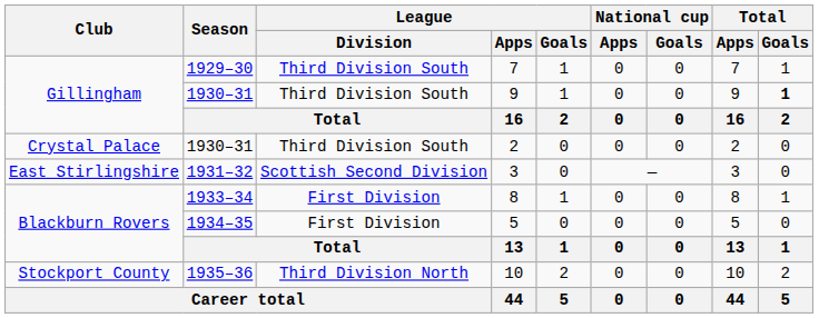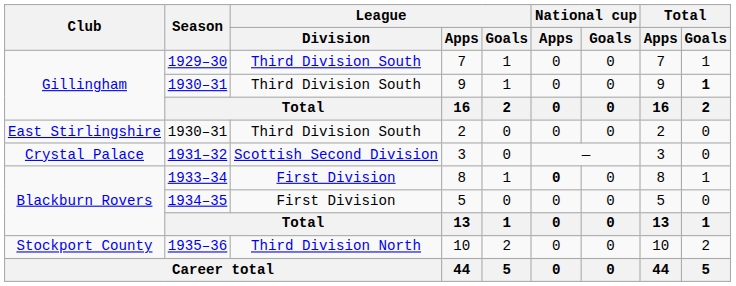 <table class="wikitable" style="text-align: center;">
 <tr>
 <th rowspan="2">Club</th>
 <th rowspan="2">Season</th>
 <th colspan="3">League</th>
 <th colspan="2">National cup</th>
 <th colspan="2">Total</th>
 </tr>
 <tr>
 <th>Division</th>
 <th>Apps</th>
 <th>Goals</th>
 <th>Apps</th>
 <th>Goals</th>
 <th>Apps</th>
 <th>Goals</th>
 </tr>
 <tr>
 <td rowspan="3"><a href='#'>Gillingham</a></td>
 <td><a href='#'>1929–30</a></td>
 <td><a href='#'>Third Division South</a></td>
 <td>7</td>
 <td>1</td>
 <td>0</td>
 <td>0</td>
 <td>7</td>
 <td>1</td>
 </tr>
 <tr>
 <td><a href='#'>1930–31</a></td>
 <td>Third Division South</td>
 <td>9</td>
 <td>1</td>
 <td>0</td>
 <td>0</td>
 <td>9</td>
 <td><strong>1</strong></td>
 </tr>
 <tr>
 <th colspan="2">Total</th>
 <th>16</th>
 <th>2</th>
 <th>0</th>
 <th>0</th>
 <th>16</th>
 <th>2</th>
 </tr>
 <tr>
-<td><a href='#'>Crystal Palace</a></td>
+<td><a href='#'>East Stirlingshire</a></td>
 <td>1930–31</td>
 <td>Third Division South</td>
 <td>2</td>
 <td>0</td>
 <td>0</td>
 <td>0</td>
 <td>2</td>
 <td>0</td>
 </tr>
 <tr>
-<td><a href='#'>East Stirlingshire</a></td>
+<td><a href='#'>Crystal Palace</a></td>
 <td><a href='#'>1931–32</a></td>
 <td><a href='#'>Scottish Second Division</a></td>
 <td>3</td>
 <td>0</td>
 <td colspan="2">―</td>
 <td>3</td>
 <td>0</td>
 </tr>
 <tr>
 <td rowspan="3"><a href='#'>Blackburn Rovers</a></td>
 <td><a href='#'>1933–34</a></td>
 <td><a href='#'>First Division</a></td>
 <td>8</td>
 <td>1</td>
-<td>0</td>
+<td><strong>0</strong></td>
 <td>0</td>
 <td>8</td>
 <td>1</td>
 </tr>
 <tr>
 <td><a href='#'>1934–35</a></td>
 <td>First Division</td>
 <td>5</td>
 <td>0</td>
 <td>0</td>
 <td>0</td>
 <td>5</td>
 <td>0</td>
 </tr>
 <tr>
 <th colspan="2">Total</th>
 <th>13</th>
 <th>1</th>
 <th>0</th>
 <th>0</th>
 <th>13</th>
 <th>1</th>
 </tr>
 <tr>
 <td><a href='#'>Stockport County</a></td>
 <td><a href='#'>1935–36</a></td>
 <td><a href='#'>Third Division North</a></td>
 <td>10</td>
 <td>2</td>
 <td>0</td>
 <td>0</td>
 <td>10</td>
 <td>2</td>
 </tr>
 <tr>
 <th colspan="3">Career total</th>
 <th>44</th>
 <th>5</th>
 <th>0</th>
 <th>0</th>
 <th>44</th>
 <th>5</th>
 </tr>
 </table>
